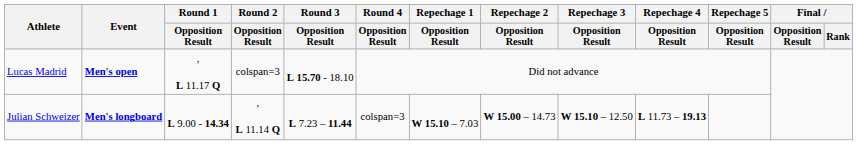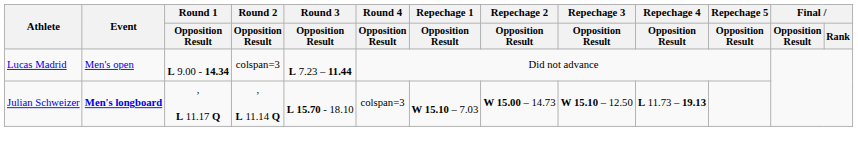 <table class=wikitable style=font-size:75%;text-align:center>
 <tr>
 <th rowspan=2>Athlete</th>
 <th rowspan=2>Event</th>
 <th>Round 1</th>
 <th>Round 2</th>
 <th>Round 3</th>
 <th>Round 4</th>
 <th>Repechage 1</th>
 <th>Repechage 2</th>
 <th>Repechage 3</th>
 <th>Repechage 4</th>
 <th>Repechage 5</th>
 <th colspan=2>Final / </th>
 </tr>
 <tr style=font-size:95%>
 <th>Opposition<br>Result</th>
 <th>Opposition<br>Result</th>
 <th>Opposition<br>Result</th>
 <th>Opposition<br>Result</th>
 <th>Opposition<br>Result</th>
 <th>Opposition<br>Result</th>
 <th>Opposition<br>Result</th>
 <th>Opposition<br>Result</th>
 <th>Opposition<br>Result</th>
 <th>Opposition<br>Result</th>
 <th>Rank</th>
 </tr>
 <tr>
 <td align=left><a href='#'>Lucas Madrid</a></td>
-<td align=left><strong><a href='#'>Men's open</a></strong></td>
-<td>,<br><br> <strong>L</strong> 11.17 <strong>Q</strong></td>
+<td align=left><a href='#'>Men's open</a></td>
+<td><br><strong>L</strong> 9.00 - <strong>14.34</strong></td>
 <td>colspan=3 </td>
-<td><br> <strong>L</strong> <strong>15.70</strong> - 18.10</td>
+<td><br><strong>L</strong> 7.23 – <strong>11.44</strong></td>
 <td align=center colspan=6>Did not advance</td>
 </tr>
 <tr>
 <td align=left><a href='#'>Julian Schweizer</a></td>
 <td align=left><strong><a href='#'>Men's longboard</a></strong></td>
-<td><br><strong>L</strong> 9.00 - <strong>14.34</strong></td>
+<td>,<br><br> <strong>L</strong> 11.17 <strong>Q</strong></td>
 <td>,<br><br>  <strong>L</strong> 11.14 <strong>Q</strong></td>
-<td><br><strong>L</strong> 7.23 – <strong>11.44</strong></td>
+<td><br> <strong>L</strong> <strong>15.70</strong> - 18.10</td>
 <td>colspan=3 </td>
 <td> <br> <strong>W</strong> <strong>15.10</strong> – 7.03</td>
 <td> <strong>W</strong> <strong>15.00</strong> – 14.73</td>
 <td> <strong>W</strong> <strong>15.10</strong> – 12.50</td>
 <td> <strong>L</strong> 11.73 – <strong>19.13</strong></td>
 <td align=center></td>
 </tr>
 </table>
